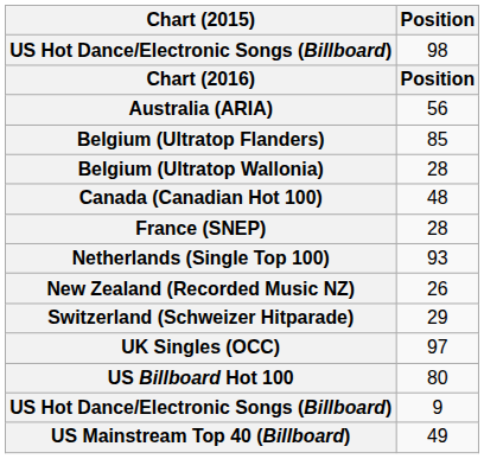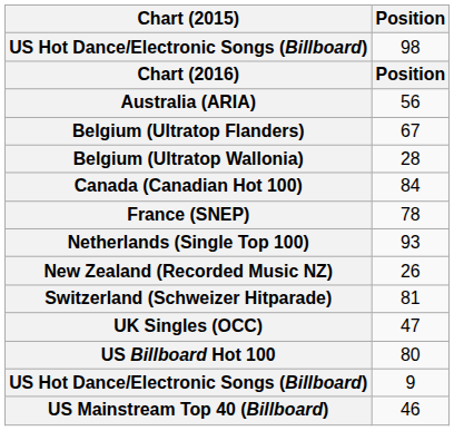 <table class="wikitable plainrowheaders" style="text-align:center">
 <tr>
 <th>Chart (2015)</th>
 <th>Position</th>
 </tr>
 <tr>
 <th scope="row">US Hot Dance/Electronic Songs (<em>Billboard</em>)</th>
 <td>98</td>
 </tr>
 <tr>
 <th>Chart (2016)</th>
 <th>Position</th>
 </tr>
 <tr>
 <th scope="row">Australia (ARIA)</th>
 <td>56</td>
 </tr>
 <tr>
 <th scope="row">Belgium (Ultratop Flanders)</th>
-<td>85</td>
+<td>67</td>
 </tr>
 <tr>
 <th scope="row">Belgium (Ultratop Wallonia)</th>
 <td>28</td>
 </tr>
 <tr>
 <th scope="row">Canada (Canadian Hot 100)</th>
-<td>48</td>
+<td>84</td>
 </tr>
 <tr>
 <th scope="row">France (SNEP)</th>
-<td>28</td>
+<td>78</td>
 </tr>
 <tr>
 <th scope="row">Netherlands (Single Top 100)</th>
 <td>93</td>
 </tr>
 <tr>
 <th scope="row">New Zealand (Recorded Music NZ)</th>
 <td>26</td>
 </tr>
 <tr>
 <th scope="row">Switzerland (Schweizer Hitparade)</th>
-<td>29</td>
+<td>81</td>
 </tr>
 <tr>
 <th scope="row">UK Singles (OCC)</th>
-<td>97</td>
+<td>47</td>
 </tr>
 <tr>
 <th scope="row">US <em>Billboard</em> Hot 100</th>
 <td>80</td>
 </tr>
 <tr>
 <th scope="row">US Hot Dance/Electronic Songs (<em>Billboard</em>)</th>
 <td>9</td>
 </tr>
 <tr>
 <th scope="row">US Mainstream Top 40 (<em>Billboard</em>)</th>
-<td>49</td>
+<td>46</td>
 </tr>
 </table>
